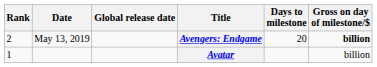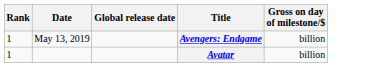 <table class="wikitable">
 <tr>
 <th scope="col">Rank</th>
 <th scope="col">Date</th>
 <th>Global release date</th>
 <th scope="col">Title</th>
-<th scope="col">Days to<br> milestone</th>
 <th scope="col">Gross on day<br> of milestone/$</th>
 </tr>
 <tr>
-<td>2</td>
+<td>1</td>
 <td>May 13, 2019</td>
 <td></td>
 <th scope="row"><em><a href='#'>Avengers: Endgame</a></em></th>
-<td style="text-align:right;">20</td>
-<td style="text-align:right;"><strong> billion</strong></td>
+<td style="text-align:right;"> billion</td>
 </tr>
 <tr>
 <td>1</td>
 <td></td>
 <td></td>
 <th scope="row"><em><a href='#'>Avatar</a></em></th>
-<td style="text-align:right;"></td>
 <td style="text-align:right;"> billion</td>
 </tr>
 </table>
